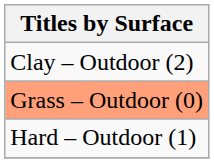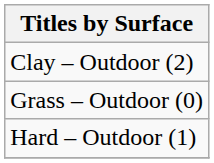 <table class="wikitable" style="display:inline-table;">
 <tr>
 <th>Titles by Surface</th>
 </tr>
 <tr>
 <td>Clay – Outdoor (2)</td>
 </tr>
 <tr>
-<td style="background: lightsalmon;">Grass – Outdoor (0)</td>
+<td>Grass – Outdoor (0)</td>
 </tr>
 <tr>
 <td>Hard – Outdoor (1)</td>
 </tr>
 <tr>
 </tr>
 </table>
